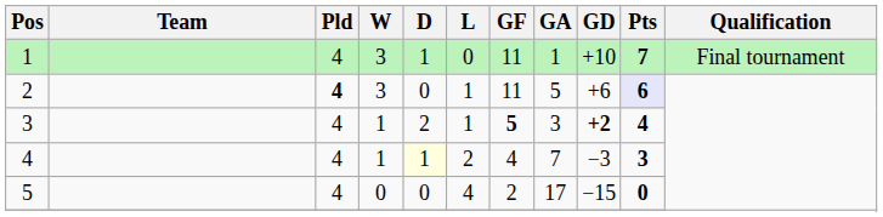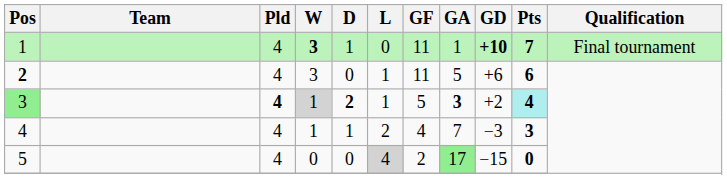 <table class="wikitable" border="1" style="text-align: center;">
 <tr>
 <th width="25"><abbr>Pos</abbr></th>
 <th width="190">Team</th>
 <th width="25"><abbr>Pld</abbr></th>
 <th width="25"><abbr>W</abbr></th>
 <th width="25"><abbr>D</abbr></th>
 <th width="25"><abbr>L</abbr></th>
 <th width="25"><abbr>GF</abbr></th>
 <th width="25"><abbr>GA</abbr></th>
 <th width="25"><abbr>GD</abbr></th>
 <th width="25"><abbr>Pts</abbr></th>
 <th width="150">Qualification</th>
 </tr>
 <tr bgcolor = #BBF3BB>
 <td>1</td>
 <td align="left"></td>
 <td>4</td>
-<td>3</td>
+<td><strong>3</strong></td>
 <td>1</td>
 <td>0</td>
 <td>11</td>
 <td>1</td>
-<td>+10</td>
+<td><strong>+10</strong></td>
 <td><strong>7</strong></td>
 <td>Final tournament</td>
 </tr>
 <tr>
-<td>2</td>
+<td><strong>2</strong></td>
 <td align="left"></td>
-<td><strong>4</strong></td>
+<td>4</td>
 <td>3</td>
 <td>0</td>
 <td>1</td>
 <td>11</td>
 <td>5</td>
 <td>+6</td>
-<td style="background: lavender;"><strong>6</strong></td>
+<td><strong>6</strong></td>
 </tr>
 <tr>
-<td>3</td>
+<td style="background: lightgreen;">3</td>
 <td align="left"></td>
-<td>4</td>
+<td><strong>4</strong></td>
+<td style="background: lightgrey;">1</td>
+<td><strong>2</strong></td>
 <td>1</td>
-<td>2</td>
-<td>1</td>
-<td><strong>5</strong></td>
-<td>3</td>
-<td><strong>+2</strong></td>
-<td><strong>4</strong></td>
+<td>5</td>
+<td><strong>3</strong></td>
+<td>+2</td>
+<td style="background: paleturquoise;"><strong>4</strong></td>
 </tr>
 <tr>
 <td>4</td>
 <td align="left"></td>
 <td>4</td>
 <td>1</td>
-<td style="background: lightyellow;">1</td>
+<td>1</td>
 <td>2</td>
 <td>4</td>
 <td>7</td>
 <td>−3</td>
 <td><strong>3</strong></td>
 </tr>
 <tr>
 <td>5</td>
 <td align="left"></td>
 <td>4</td>
 <td>0</td>
 <td>0</td>
-<td>4</td>
+<td style="background: lightgrey;">4</td>
 <td>2</td>
-<td>17</td>
+<td style="background: lightgreen;">17</td>
 <td>−15</td>
 <td><strong>0</strong></td>
 </tr>
 <tr>
 </tr>
 </table>
